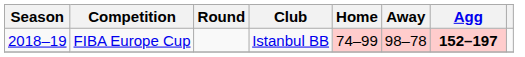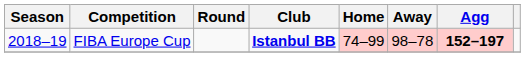 <table class="wikitable mw-collapsible" style="font-size:95%;">
 <tr>
 <th>Season</th>
 <th>Competition</th>
 <th>Round</th>
 <th>Club</th>
 <th>Home</th>
 <th>Away</th>
 <th width="70"><a href='#'>Agg</a></th>
 <th></th>
 </tr>
 <tr>
 <td scope="col"><a href='#'>2018–19</a></td>
 <td><a href='#'>FIBA Europe Cup</a></td>
 <td></td>
-<td> <a href='#'>Istanbul BB</a></td>
+<td><strong> <a href='#'>Istanbul BB</a></strong></td>
 <td style="text-align:center;" bgcolor=#fcc>74–99</td>
 <td style="text-align:center;" bgcolor=#fcc>98–78</td>
 <td style="text-align:center;" bgcolor=#fcc><strong>152–197</strong></td>
 <td></td>
 </tr>
 <tr>
 </tr>
 </table>
